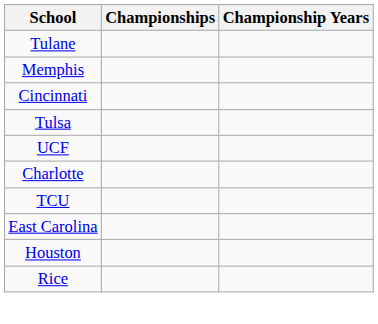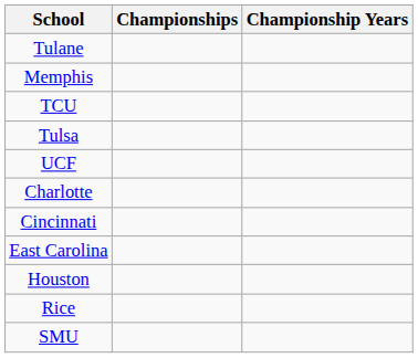 <table class="wikitable sortable" style="text-align:center">
 <tr>
 <th width=px>School</th>
 <th width=px>Championships</th>
 <th width=px>Championship Years</th>
 </tr>
 <tr>
 <td><a href='#'>Tulane</a></td>
 <td></td>
 <td></td>
 </tr>
 <tr>
 <td><a href='#'>Memphis</a></td>
 <td></td>
 <td></td>
 </tr>
 <tr>
-<td><a href='#'>Cincinnati</a></td>
+<td><a href='#'>TCU</a></td>
 <td></td>
 <td></td>
 </tr>
 <tr>
 <td><a href='#'>Tulsa</a></td>
 <td></td>
 <td></td>
 </tr>
 <tr>
 <td><a href='#'>UCF</a></td>
 <td></td>
 <td></td>
 </tr>
 <tr>
 <td><a href='#'>Charlotte</a></td>
 <td></td>
 <td></td>
 </tr>
 <tr>
-<td><a href='#'>TCU</a></td>
+<td><a href='#'>Cincinnati</a></td>
 <td></td>
 <td></td>
 </tr>
 <tr>
 <td><a href='#'>East Carolina</a></td>
 <td></td>
 <td></td>
 </tr>
 <tr>
 <td><a href='#'>Houston</a></td>
 <td></td>
 <td></td>
 </tr>
 <tr>
 <td><a href='#'>Rice</a></td>
 <td></td>
 <td></td>
 </tr>
+<tr>
+<td><a href='#'>SMU</a></td>
+<td></td>
+<td></td>
+</tr>
 </table>
